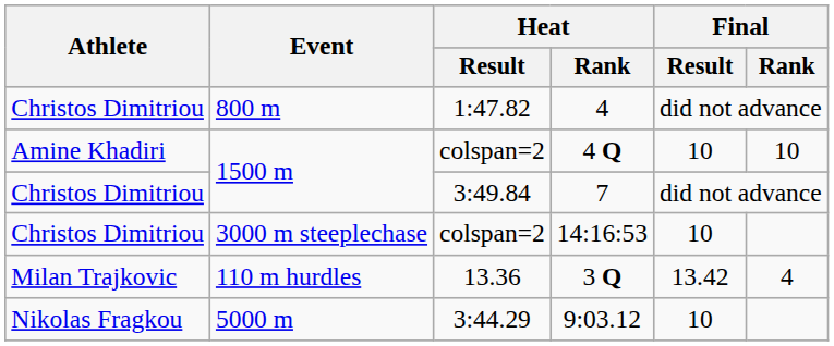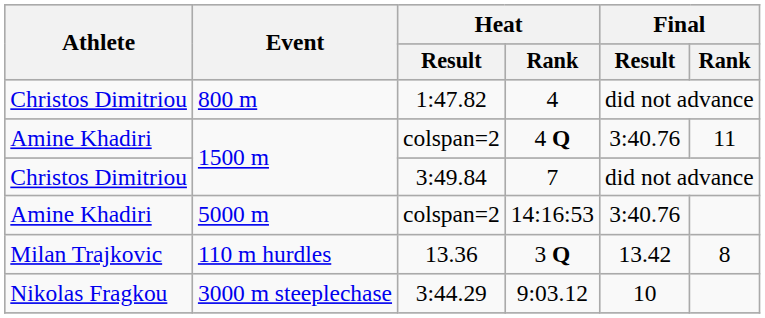 <table class="wikitable" style="font-size:90%">
 <tr>
 <th rowspan=2>Athlete</th>
 <th rowspan=2>Event</th>
 <th colspan=2>Heat</th>
 <th colspan=2>Final</th>
 </tr>
 <tr style="font-size:95%">
 <th>Result</th>
 <th>Rank</th>
 <th>Result</th>
 <th>Rank</th>
 </tr>
 <tr align=center>
 <td align=left><a href='#'>Christos Dimitriou</a></td>
 <td align=left><a href='#'>800 m</a></td>
 <td>1:47.82</td>
 <td>4</td>
 <td colspan=2>did not advance</td>
 </tr>
 <tr align=center>
 <td align=left><a href='#'>Amine Khadiri</a></td>
 <td align=left rowspan=2><a href='#'>1500 m</a></td>
 <td>colspan=2 </td>
 <td>4 <strong>Q</strong></td>
-<td>10</td>
-<td>10</td>
+<td>3:40.76</td>
+<td>11</td>
 </tr>
 <tr align=center>
 <td align=left><a href='#'>Christos Dimitriou</a></td>
 <td>3:49.84</td>
 <td>7</td>
 <td colspan=2>did not advance</td>
 </tr>
 <tr align=center>
-<td align=left><a href='#'>Christos Dimitriou</a></td>
-<td align=left><a href='#'>3000 m steeplechase</a></td>
+<td align=left><a href='#'>Amine Khadiri</a></td>
+<td align=left><a href='#'>5000 m</a></td>
 <td>colspan=2 </td>
 <td>14:16:53</td>
-<td>10</td>
+<td>3:40.76</td>
 </tr>
 <tr align=center>
 <td align=left><a href='#'>Milan Trajkovic</a></td>
 <td align=left><a href='#'>110 m hurdles</a></td>
 <td>13.36</td>
 <td>3 <strong>Q</strong></td>
 <td>13.42</td>
-<td>4</td>
+<td>8</td>
 </tr>
 <tr align=center>
 <td align=left><a href='#'>Nikolas Fragkou</a></td>
-<td align=left><a href='#'>5000 m</a></td>
+<td align=left><a href='#'>3000 m steeplechase</a></td>
 <td>3:44.29</td>
 <td>9:03.12</td>
 <td>10</td>
 </tr>
 </table>
